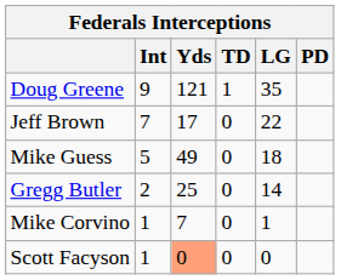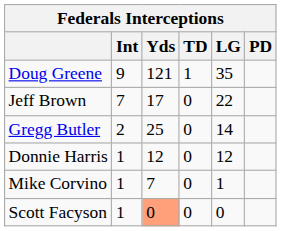 <table class="wikitable">
 <tr>
 <th colspan="6">Federals Interceptions</th>
 </tr>
 <tr>
 <th></th>
 <th>Int</th>
 <th>Yds</th>
 <th>TD</th>
 <th>LG</th>
 <th>PD</th>
 </tr>
 <tr>
 <td><a href='#'>Doug Greene</a></td>
 <td>9</td>
 <td>121</td>
 <td>1</td>
 <td>35</td>
 <td></td>
 </tr>
 <tr>
 <td>Jeff Brown</td>
 <td>7</td>
 <td>17</td>
 <td>0</td>
 <td>22</td>
 <td></td>
 </tr>
 <tr>
-<td>Mike Guess</td>
-<td>5</td>
-<td>49</td>
-<td>0</td>
-<td>18</td>
-<td></td>
-</tr>
-<tr>
 <td><a href='#'>Gregg Butler</a></td>
 <td>2</td>
 <td>25</td>
 <td>0</td>
 <td>14</td>
+<td></td>
+</tr>
+<tr>
+<td>Donnie Harris</td>
+<td>1</td>
+<td>12</td>
+<td>0</td>
+<td>12</td>
 <td></td>
 </tr>
 <tr>
 <td>Mike Corvino</td>
 <td>1</td>
 <td>7</td>
 <td>0</td>
 <td>1</td>
 <td></td>
 </tr>
 <tr>
 <td>Scott Facyson</td>
 <td>1</td>
 <td style="background: lightsalmon;">0</td>
 <td>0</td>
 <td>0</td>
 <td></td>
 </tr>
 </table>
